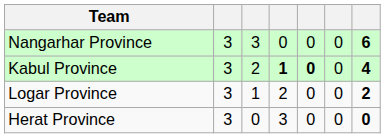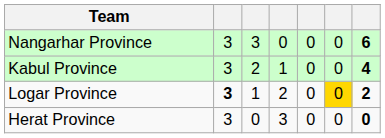 <table class="wikitable" style="text-align:center">
 <tr>
 <th style="width:200px">Team</th>
 <th width="20"></th>
 <th width="20"></th>
 <th width="20"></th>
 <th width="20"></th>
 <th width="20"></th>
 <th width="20"></th>
 </tr>
 <tr style="background:#cfc">
 <td style="text-align:left;">Nangarhar Province</td>
 <td>3</td>
 <td>3</td>
 <td>0</td>
 <td>0</td>
 <td>0</td>
 <td><strong>6</strong></td>
 </tr>
 <tr style="background:#cfc">
 <td style="text-align:left;">Kabul Province</td>
 <td>3</td>
 <td>2</td>
-<td><strong>1</strong></td>
-<td><strong>0</strong></td>
+<td>1</td>
+<td>0</td>
 <td>0</td>
 <td><strong>4</strong></td>
 </tr>
 <tr>
 <td style="text-align:left;">Logar Province</td>
-<td>3</td>
+<td><strong>3</strong></td>
 <td>1</td>
 <td>2</td>
 <td>0</td>
-<td>0</td>
+<td style="background: gold;">0</td>
 <td><strong>2</strong></td>
 </tr>
 <tr>
 <td style="text-align:left;">Herat Province</td>
 <td>3</td>
 <td>0</td>
 <td>3</td>
 <td>0</td>
 <td>0</td>
 <td><strong>0</strong></td>
 </tr>
 </table>
